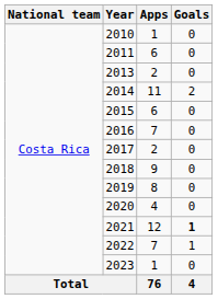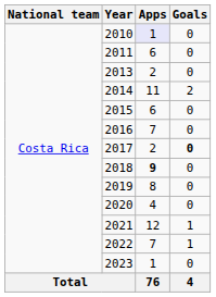 <table class="wikitable" style="text-align:center">
 <tr>
 <th>National team</th>
 <th>Year</th>
 <th>Apps</th>
 <th>Goals</th>
 </tr>
 <tr>
 <td rowspan="13"><a href='#'>Costa Rica</a></td>
 <td>2010</td>
-<td>1</td>
+<td style="background: lavender;">1</td>
 <td>0</td>
 </tr>
 <tr>
 <td>2011</td>
 <td>6</td>
 <td>0</td>
 </tr>
 <tr>
 <td>2013</td>
 <td>2</td>
 <td>0</td>
 </tr>
 <tr>
 <td>2014</td>
 <td>11</td>
 <td>2</td>
 </tr>
 <tr>
 <td>2015</td>
 <td>6</td>
 <td>0</td>
 </tr>
 <tr>
 <td>2016</td>
 <td>7</td>
 <td>0</td>
 </tr>
 <tr>
 <td>2017</td>
 <td>2</td>
-<td>0</td>
+<td><strong>0</strong></td>
 </tr>
 <tr>
 <td>2018</td>
-<td>9</td>
+<td><strong>9</strong></td>
 <td>0</td>
 </tr>
 <tr>
 <td>2019</td>
 <td>8</td>
 <td>0</td>
 </tr>
 <tr>
 <td>2020</td>
 <td>4</td>
 <td>0</td>
 </tr>
 <tr>
 <td>2021</td>
 <td>12</td>
-<td><strong>1</strong></td>
+<td>1</td>
 </tr>
 <tr>
 <td>2022</td>
 <td>7</td>
 <td>1</td>
 </tr>
 <tr>
 <td>2023</td>
 <td>1</td>
 <td>0</td>
 </tr>
 <tr>
 <th colspan="2">Total</th>
 <th>76</th>
 <th>4</th>
 </tr>
 </table>
